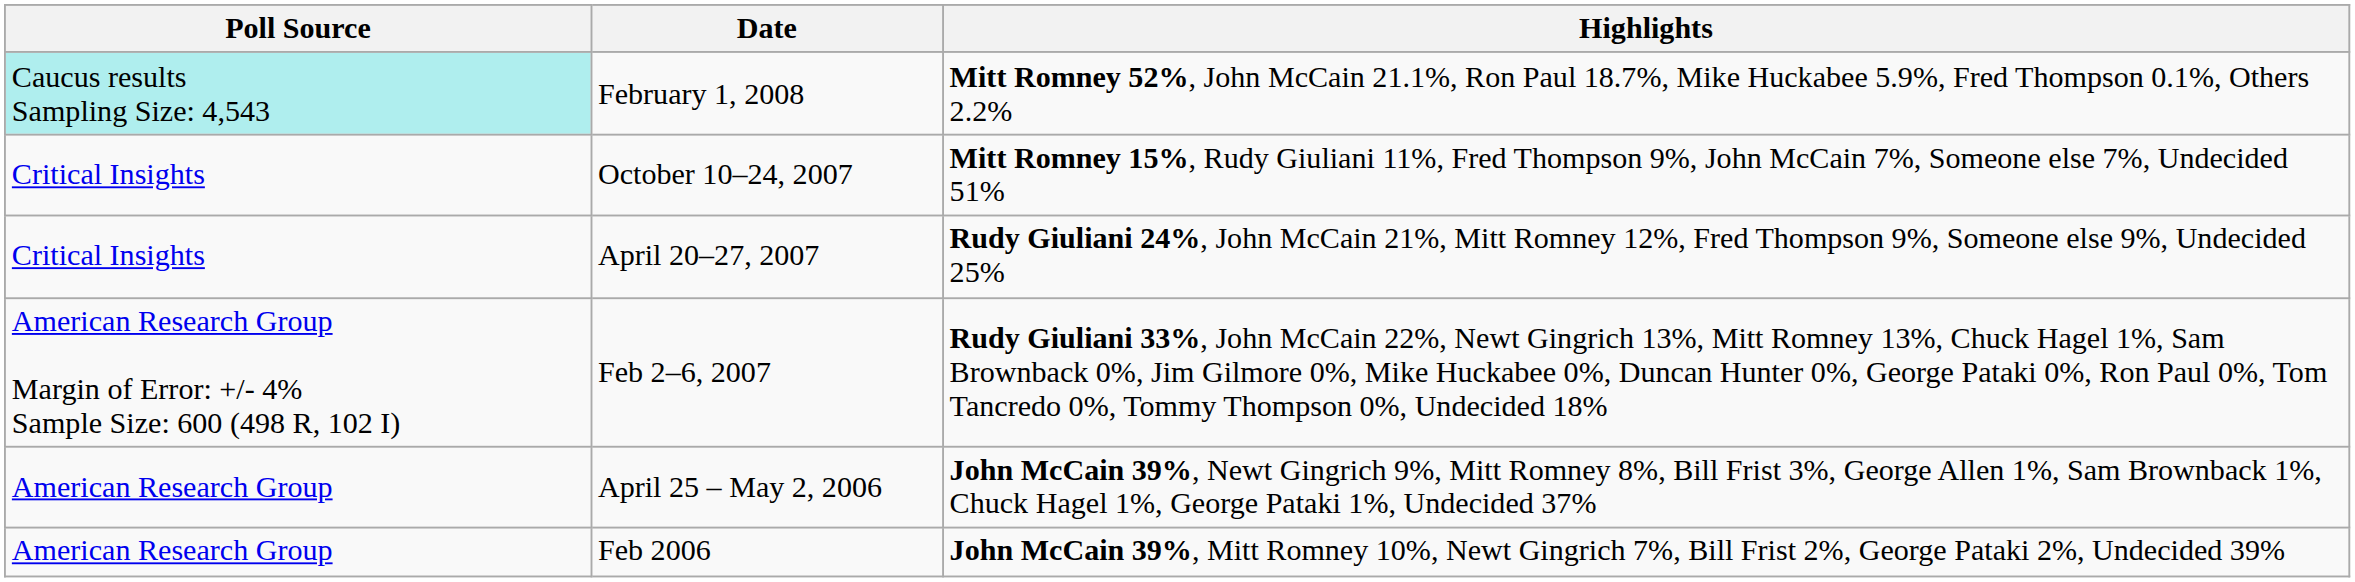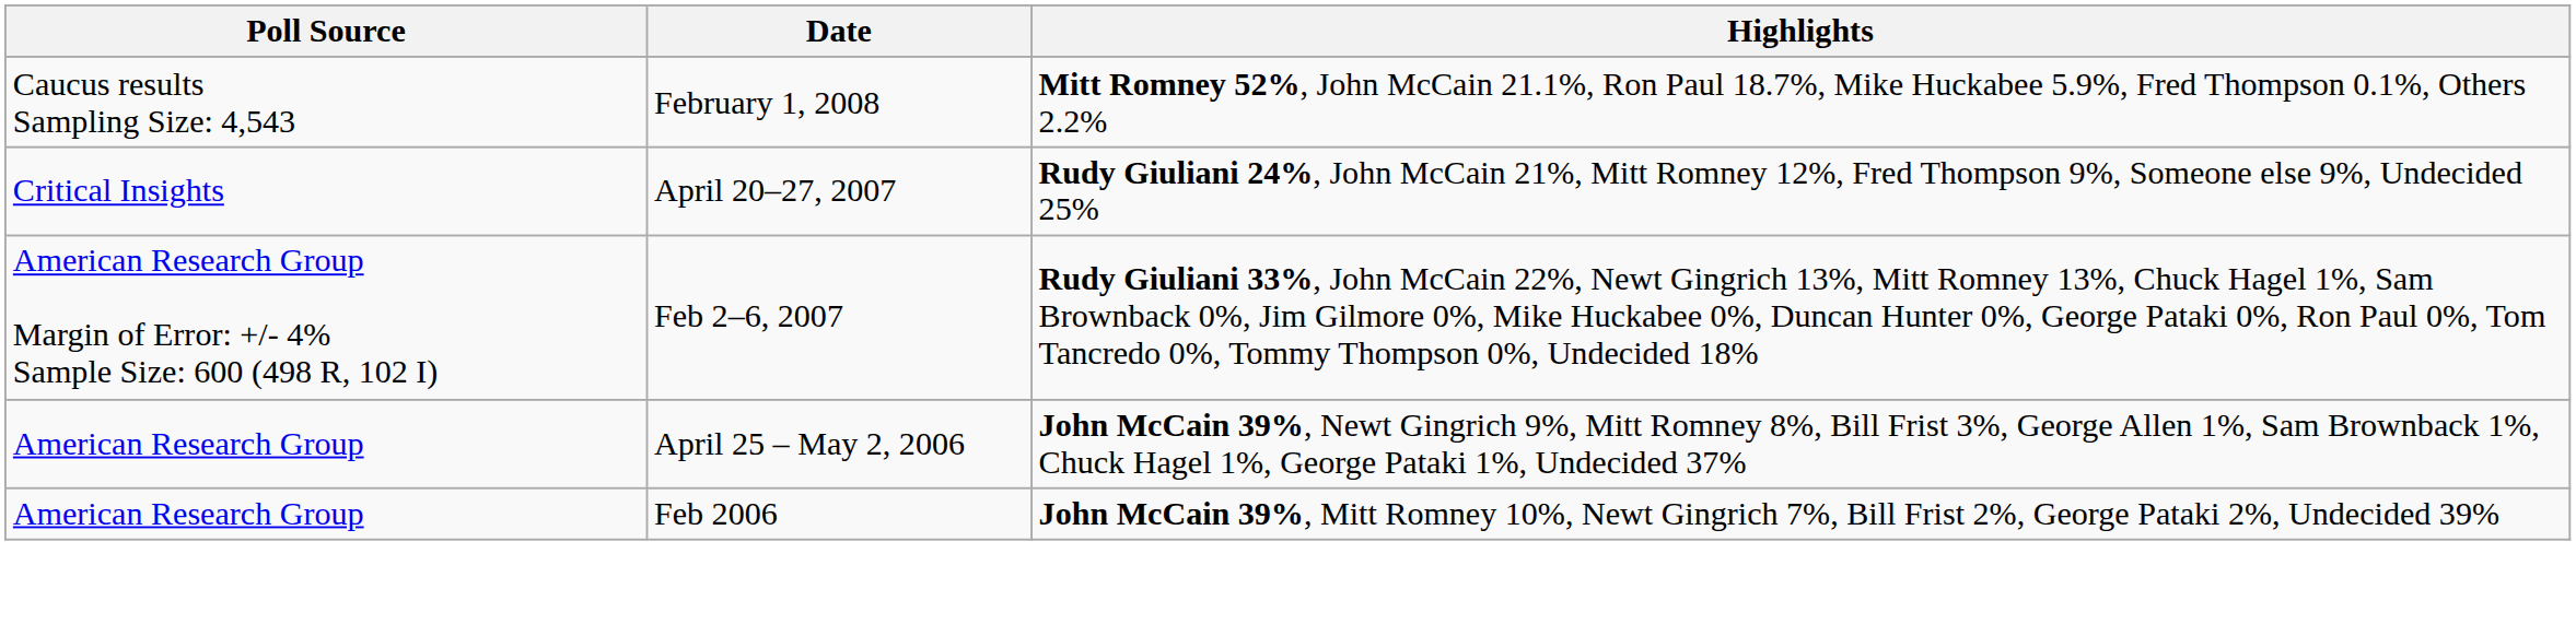 <table class="wikitable sortable">
 <tr>
 <th width="25%">Poll Source</th>
 <th width="15%">Date</th>
 <th width="60%">Highlights</th>
 </tr>
 <tr>
-<td style="background: paleturquoise;">Caucus results<br>Sampling Size: 4,543<br></td>
+<td>Caucus results<br>Sampling Size: 4,543<br></td>
 <td>February 1, 2008</td>
 <td><strong>Mitt Romney 52%</strong>, John McCain 21.1%, Ron Paul 18.7%, Mike Huckabee 5.9%, Fred Thompson 0.1%, Others 2.2%</td>
-</tr>
-<tr>
-<td><a href='#'>Critical Insights</a></td>
-<td>October 10–24, 2007</td>
-<td><strong>Mitt Romney 15%</strong>, Rudy Giuliani 11%, Fred Thompson 9%, John McCain 7%, Someone else 7%, Undecided 51%</td>
 </tr>
 <tr>
 <td><a href='#'>Critical Insights</a></td>
 <td>April 20–27, 2007</td>
 <td><strong>Rudy Giuliani 24%</strong>, John McCain 21%, Mitt Romney 12%, Fred Thompson 9%, Someone else 9%, Undecided 25%</td>
 </tr>
 <tr>
 <td><a href='#'>American Research Group</a><br><br>Margin of Error: +/- 4%<br> Sample Size: 600 (498 R, 102 I)</td>
 <td>Feb 2–6, 2007</td>
 <td><strong>Rudy Giuliani 33%</strong>, John McCain 22%, Newt Gingrich 13%, Mitt Romney 13%, Chuck Hagel 1%, Sam Brownback 0%, Jim Gilmore 0%, Mike Huckabee 0%, Duncan Hunter 0%, George Pataki 0%, Ron Paul 0%, Tom Tancredo 0%, Tommy Thompson 0%, Undecided 18%</td>
 </tr>
 <tr>
 <td><a href='#'>American Research Group</a></td>
 <td>April 25 – May 2, 2006</td>
 <td><strong>John McCain 39%</strong>, Newt Gingrich 9%, Mitt Romney 8%, Bill Frist 3%, George Allen 1%, Sam Brownback 1%, Chuck Hagel 1%, George Pataki 1%, Undecided 37%</td>
 </tr>
 <tr>
 <td><a href='#'>American Research Group</a></td>
 <td>Feb 2006</td>
 <td><strong>John McCain 39%</strong>, Mitt Romney 10%, Newt Gingrich 7%, Bill Frist 2%, George Pataki 2%, Undecided 39%</td>
 </tr>
 </table>
